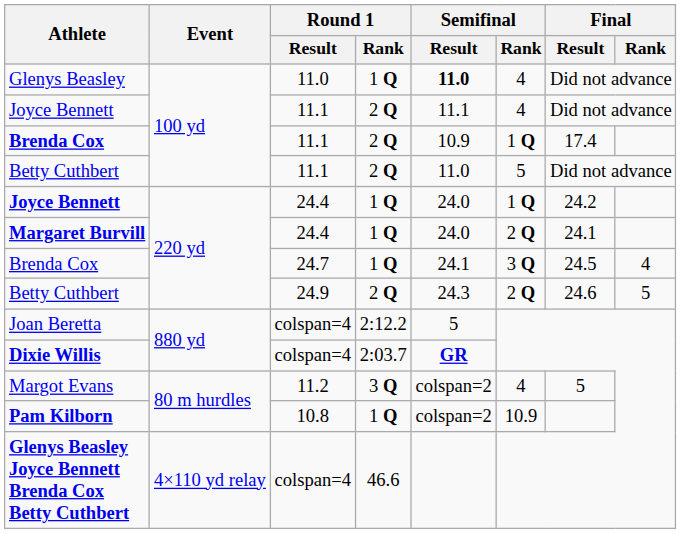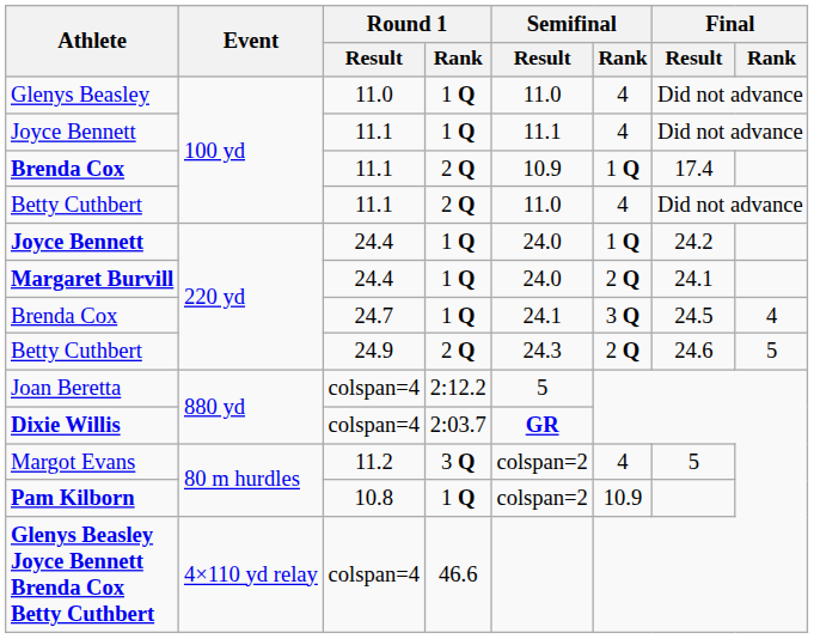 <table class=wikitable style=font-size:90%>
 <tr>
 <th rowspan=2>Athlete</th>
 <th rowspan=2>Event</th>
 <th colspan=2>Round 1</th>
 <th colspan=2>Semifinal</th>
 <th colspan=2>Final</th>
 </tr>
 <tr style=font-size:95%>
 <th>Result</th>
 <th>Rank</th>
 <th>Result</th>
 <th>Rank</th>
 <th>Result</th>
 <th>Rank</th>
 </tr>
 <tr align=center>
 <td align=left><a href='#'>Glenys Beasley</a></td>
 <td align=left rowspan=4><a href='#'>100 yd</a></td>
 <td>11.0</td>
 <td>1 <strong>Q</strong></td>
-<td><strong>11.0</strong></td>
+<td>11.0</td>
 <td>4</td>
 <td colspan=2>Did not advance</td>
 </tr>
 <tr align=center>
 <td align=left><a href='#'>Joyce Bennett</a></td>
 <td>11.1</td>
-<td>2 <strong>Q</strong></td>
+<td>1 <strong>Q</strong></td>
 <td>11.1</td>
 <td>4</td>
 <td colspan=2>Did not advance</td>
 </tr>
 <tr align=center>
 <td align=left><strong><a href='#'>Brenda Cox</a></strong></td>
 <td>11.1</td>
 <td>2 <strong>Q</strong></td>
 <td>10.9</td>
 <td>1 <strong>Q</strong></td>
 <td>17.4</td>
 <td></td>
 </tr>
 <tr align=center>
 <td align=left><a href='#'>Betty Cuthbert</a></td>
 <td>11.1</td>
 <td>2 <strong>Q</strong></td>
 <td>11.0</td>
-<td>5</td>
+<td>4</td>
 <td colspan=2>Did not advance</td>
 </tr>
 <tr align=center>
 <td align=left><strong><a href='#'>Joyce Bennett</a></strong></td>
 <td align=left rowspan=4><a href='#'>220 yd</a></td>
 <td>24.4</td>
 <td>1 <strong>Q</strong></td>
 <td>24.0</td>
 <td>1 <strong>Q</strong></td>
 <td>24.2</td>
 <td></td>
 </tr>
 <tr align=center>
 <td align=left><strong><a href='#'>Margaret Burvill</a></strong></td>
 <td>24.4</td>
 <td>1 <strong>Q</strong></td>
 <td>24.0</td>
 <td>2 <strong>Q</strong></td>
 <td>24.1</td>
 <td></td>
 </tr>
 <tr align=center>
 <td align=left><a href='#'>Brenda Cox</a></td>
 <td>24.7</td>
 <td>1 <strong>Q</strong></td>
 <td>24.1</td>
 <td>3 <strong>Q</strong></td>
 <td>24.5</td>
 <td>4</td>
 </tr>
 <tr align=center>
 <td align=left><a href='#'>Betty Cuthbert</a></td>
 <td>24.9</td>
 <td>2 <strong>Q</strong></td>
 <td>24.3</td>
 <td>2 <strong>Q</strong></td>
 <td>24.6</td>
 <td>5</td>
 </tr>
 <tr align=center>
 <td align=left><a href='#'>Joan Beretta</a></td>
 <td align=left rowspan=2><a href='#'>880 yd</a></td>
 <td>colspan=4 </td>
 <td>2:12.2</td>
 <td>5</td>
 </tr>
 <tr align=center>
 <td align=left><strong><a href='#'>Dixie Willis</a></strong></td>
 <td>colspan=4 </td>
 <td>2:03.7</td>
 <td> <strong><a href='#'>GR</a></strong></td>
 </tr>
 <tr align=center>
 <td align=left><a href='#'>Margot Evans</a></td>
 <td align=left rowspan=2><a href='#'>80 m hurdles</a></td>
 <td>11.2</td>
 <td>3 <strong>Q</strong></td>
 <td>colspan=2 </td>
 <td>4</td>
 <td>5</td>
 </tr>
 <tr align=center>
 <td align=left><strong><a href='#'>Pam Kilborn</a></strong></td>
 <td>10.8</td>
 <td>1 <strong>Q</strong></td>
 <td>colspan=2 </td>
 <td>10.9</td>
 <td></td>
 </tr>
 <tr align=center>
 <td align=left><strong><a href='#'>Glenys Beasley</a><br><a href='#'>Joyce Bennett</a><br><a href='#'>Brenda Cox</a><br><a href='#'>Betty Cuthbert</a></strong></td>
 <td align=left><a href='#'>4×110 yd relay</a></td>
 <td>colspan=4 </td>
 <td>46.6</td>
 <td></td>
 </tr>
 </table>
